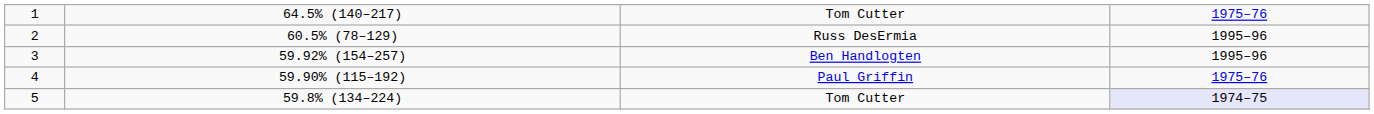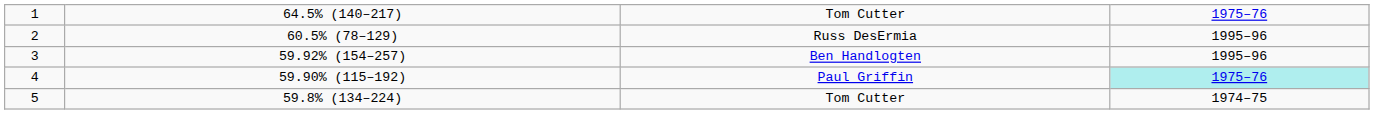 <table class="wikitable" style="font-size:85%; text-align:center; width:90%;">
 <tr>
 <td>1</td>
 <td>64.5% (140–217)</td>
 <td>Tom Cutter</td>
 <td><a href='#'>1975–76</a></td>
 </tr>
 <tr>
 <td>2</td>
 <td>60.5% (78–129)</td>
 <td>Russ DesErmia</td>
 <td>1995–96</td>
 </tr>
 <tr>
 <td>3</td>
 <td>59.92% (154–257)</td>
 <td><a href='#'>Ben Handlogten</a></td>
 <td>1995–96</td>
 </tr>
 <tr>
 <td>4</td>
 <td>59.90% (115–192)</td>
 <td><a href='#'>Paul Griffin</a></td>
-<td><a href='#'>1975–76</a></td>
+<td style="background: paleturquoise;"><a href='#'>1975–76</a></td>
 </tr>
 <tr>
 <td>5</td>
 <td>59.8% (134–224)</td>
 <td>Tom Cutter</td>
-<td style="background: lavender;">1974–75</td>
+<td>1974–75</td>
 </tr>
 </table>
